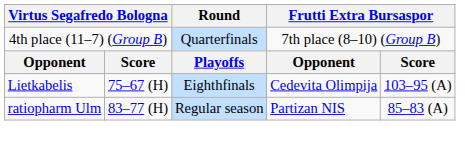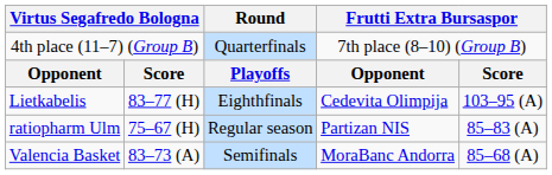 <table class="wikitable" style="text-align:center;">
 <tr>
 <th colspan="2"> <a href='#'>Virtus Segafredo Bologna</a></th>
 <th>Round</th>
 <th colspan="2"> <a href='#'>Frutti Extra Bursaspor</a></th>
 </tr>
 <tr>
 <td colspan="2" style="valign:top;">4th place (11–7) (<em><a href='#'>Group B</a></em>)</td>
 <td style="background:#c1e0ff;">Quarterfinals</td>
 <td colspan="2" style="valign:top;">7th place (8–10) (<em><a href='#'>Group B</a></em>)</td>
 </tr>
 <tr>
 <th>Opponent</th>
 <th>Score</th>
 <th><a href='#'>Playoffs</a></th>
 <th>Opponent</th>
 <th>Score</th>
 </tr>
 <tr>
 <td style="text-align:left;"> <a href='#'>Lietkabelis</a></td>
-<td><a href='#'>75–67</a> (H)</td>
+<td><a href='#'>83–77</a> (H)</td>
 <td style="background:#c1e0ff;">Eighthfinals</td>
 <td style="text-align:left;"> <a href='#'>Cedevita Olimpija</a></td>
 <td><a href='#'>103–95</a> (A)</td>
 </tr>
 <tr>
 <td style="text-align:left;"> <a href='#'>ratiopharm Ulm</a></td>
-<td><a href='#'>83–77</a> (H)</td>
+<td><a href='#'>75–67</a> (H)</td>
 <td style="background:#c1e0ff;">Regular season</td>
 <td style="text-align:left;"> <a href='#'>Partizan NIS</a></td>
 <td><a href='#'>85–83</a> (A)</td>
 </tr>
+<tr>
+<td style="text-align:left;"> <a href='#'>Valencia Basket</a></td>
+<td><a href='#'>83–73</a> (A)</td>
+<td style="background:#c1e0ff;">Semifinals</td>
+<td style="text-align:left;"> <a href='#'>MoraBanc Andorra</a></td>
+<td><a href='#'>85–68</a> (A)</td>
+</tr>
 </table>
